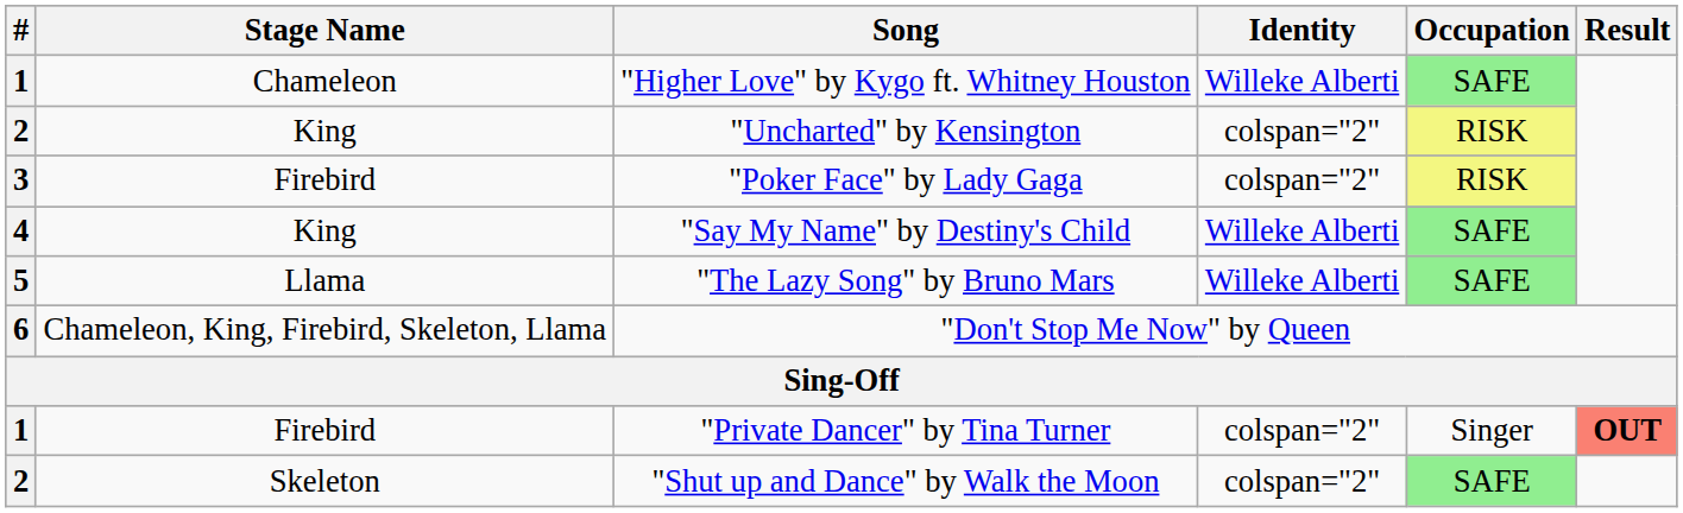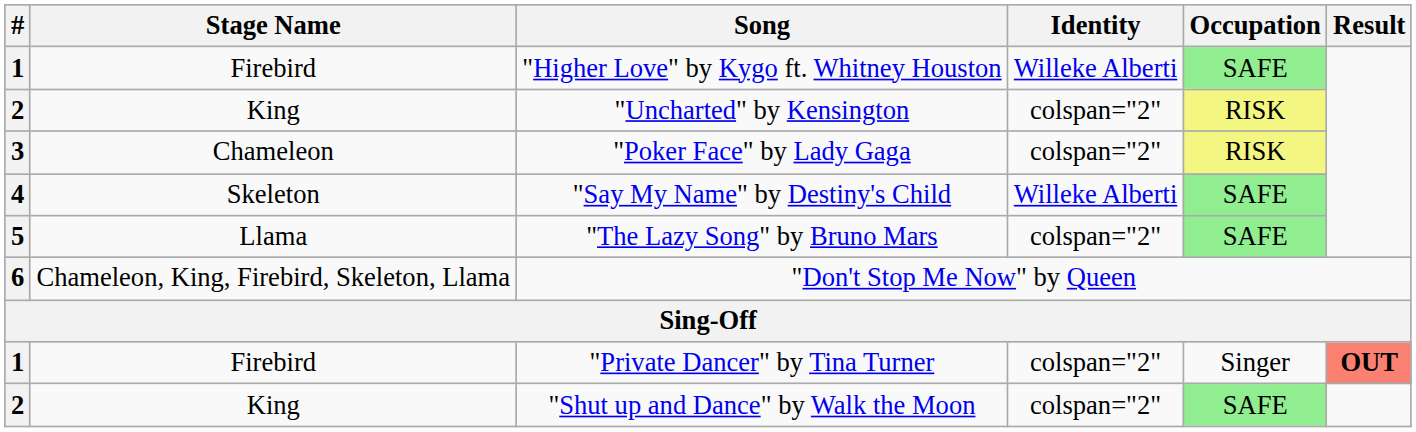 <table class="wikitable plainrowheaders" style="text-align: center;">
 <tr>
 <th><strong>#</strong></th>
 <th><strong>Stage Name</strong></th>
 <th><strong>Song</strong></th>
 <th>Identity</th>
 <th><strong>Occupation</strong></th>
 <th>Result</th>
 </tr>
 <tr>
 <th>1</th>
-<td>Chameleon</td>
+<td>Firebird</td>
 <td>"<a href='#'>Higher Love</a>" by <a href='#'>Kygo</a> ft. <a href='#'>Whitney Houston</a></td>
 <td><a href='#'>Willeke Alberti</a></td>
 <td bgcolor="lightgreen">SAFE</td>
 </tr>
 <tr>
 <th>2</th>
 <td>King</td>
 <td>"<a href='#'>Uncharted</a>" by <a href='#'>Kensington</a></td>
 <td>colspan="2" </td>
 <td bgcolor="#F3F781">RISK</td>
 </tr>
 <tr>
 <th>3</th>
-<td>Firebird</td>
+<td>Chameleon</td>
 <td>"<a href='#'>Poker Face</a>" by <a href='#'>Lady Gaga</a></td>
 <td>colspan="2" </td>
 <td bgcolor="#F3F781">RISK</td>
 </tr>
 <tr>
 <th>4</th>
-<td>King</td>
+<td>Skeleton</td>
 <td>"<a href='#'>Say My Name</a>" by <a href='#'>Destiny's Child</a></td>
 <td><a href='#'>Willeke Alberti</a></td>
 <td bgcolor="lightgreen">SAFE</td>
 </tr>
 <tr>
 <th>5</th>
 <td>Llama</td>
 <td>"<a href='#'>The Lazy Song</a>" by <a href='#'>Bruno Mars</a></td>
-<td><a href='#'>Willeke Alberti</a></td>
+<td>colspan="2" </td>
 <td bgcolor="lightgreen">SAFE</td>
 </tr>
 <tr>
 <th>6</th>
 <td>Chameleon, King, Firebird, Skeleton, Llama</td>
 <td colspan="4">"<a href='#'>Don't Stop Me Now</a>" by <a href='#'>Queen</a></td>
 </tr>
 <tr>
 <th colspan="6">Sing-Off</th>
 </tr>
 <tr>
 <th>1</th>
 <td>Firebird</td>
 <td>"<a href='#'>Private Dancer</a>" by <a href='#'>Tina Turner</a></td>
 <td>colspan="2" </td>
 <td>Singer</td>
 <td bgcolor="salmon"><strong>OUT</strong></td>
 </tr>
 <tr>
 <th>2</th>
-<td>Skeleton</td>
+<td>King</td>
 <td>"<a href='#'>Shut up and Dance</a>" by <a href='#'>Walk the Moon</a></td>
 <td>colspan="2" </td>
 <td bgcolor="lightgreen">SAFE</td>
 </tr>
 </table>
